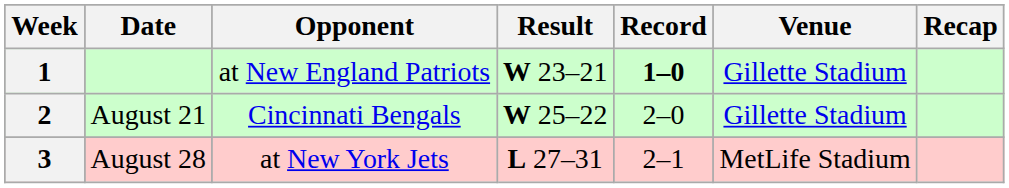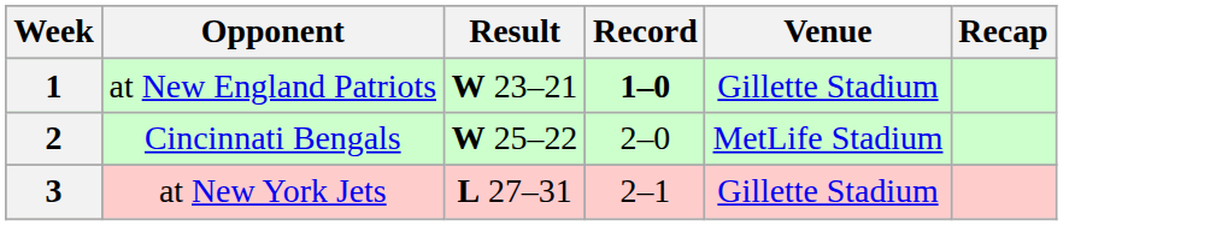 <table class="wikitable" style="text-align:center">
 <tr>
 <th>Week</th>
-<th>Date</th>
 <th>Opponent</th>
 <th>Result</th>
 <th>Record</th>
 <th>Venue</th>
 <th>Recap</th>
 </tr>
 <tr style="background:#cfc">
 <th>1</th>
-<td></td>
 <td>at <a href='#'>New England Patriots</a></td>
 <td><strong>W</strong> 23–21</td>
 <td><strong>1–0</strong></td>
 <td><a href='#'>Gillette Stadium</a></td>
 <td></td>
 </tr>
 <tr style="background:#cfc">
 <th>2</th>
-<td>August 21</td>
 <td><a href='#'>Cincinnati Bengals</a></td>
 <td><strong>W</strong> 25–22</td>
 <td>2–0</td>
-<td><a href='#'>Gillette Stadium</a></td>
+<td><a href='#'>MetLife Stadium</a></td>
 <td></td>
 </tr>
 <tr style="background:#fcc">
 <th>3</th>
-<td>August 28</td>
 <td>at <a href='#'>New York Jets</a></td>
 <td><strong>L</strong> 27–31</td>
 <td>2–1</td>
-<td>MetLife Stadium</td>
+<td><a href='#'>Gillette Stadium</a></td>
 <td></td>
 </tr>
 </table>
